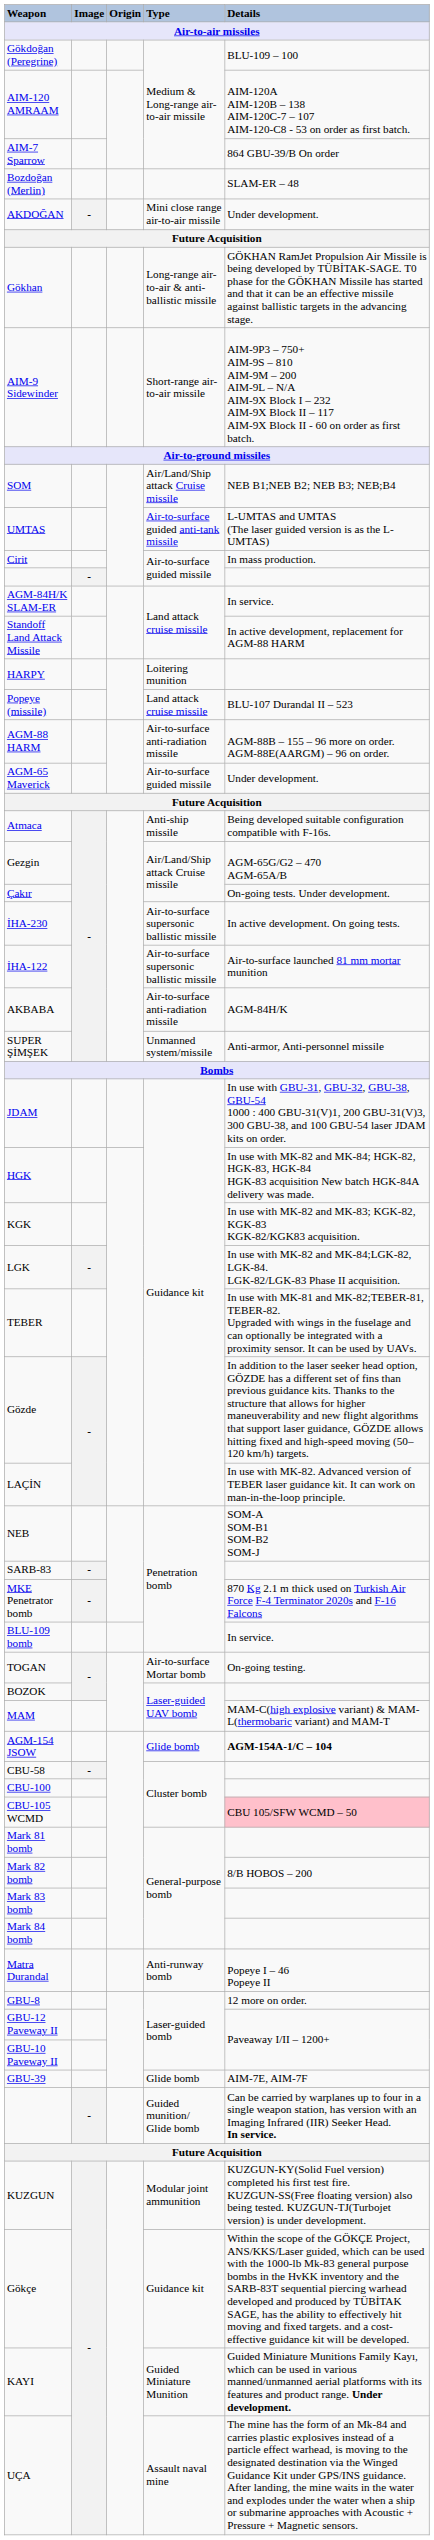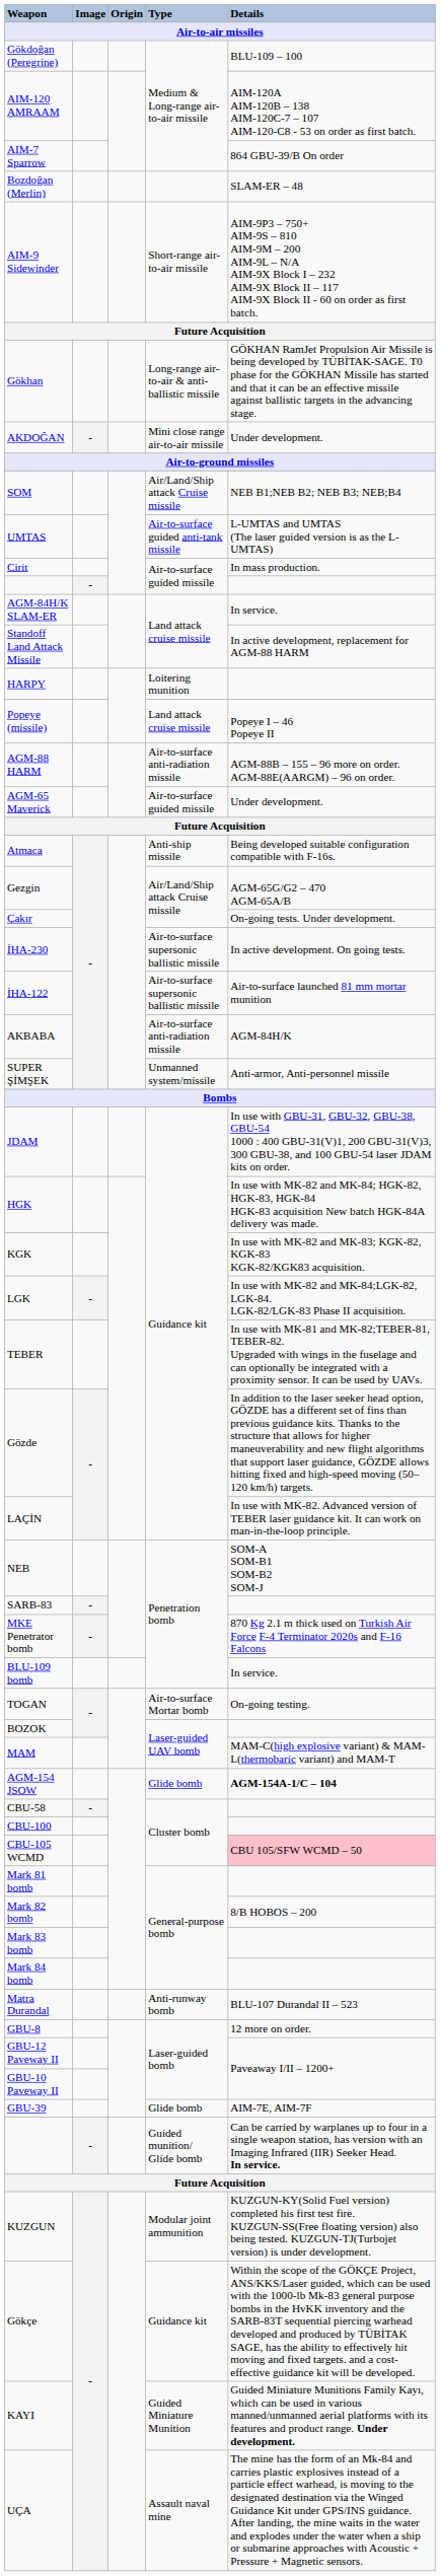 <table class="wikitable"|}>
 <tr>
 <th style="text-align: left; background: lightsteelblue;">Weapon</th>
 <th style="text-align: left; background: lightsteelblue;">Image</th>
 <th style="text-align: left; background: lightsteelblue;">Origin</th>
 <th style="text-align: left; background: lightsteelblue;">Type</th>
 <th style="text-align: left; background: lightsteelblue;">Details</th>
 </tr>
 <tr>
 <th colspan="5" style="align: center; background: lavender;"><strong><a href='#'>Air-to-air missiles</a></strong></th>
 </tr>
 <tr>
 <td><a href='#'>Gökdoğan (Peregrine)</a></td>
 <td></td>
 <td></td>
 <td rowspan="3">Medium & Long-range air-to-air missile</td>
 <td>BLU-109 – 100</td>
 </tr>
 <tr>
 <td><a href='#'>AIM-120 AMRAAM</a></td>
 <td></td>
 <td rowspan="2"></td>
 <td><br>AIM-120A<br>AIM-120B – 138<br>AIM-120C-7 – 107<br>AIM-120-C8 - 53 on order as first batch.</td>
 </tr>
 <tr>
 <td><a href='#'>AIM-7 Sparrow</a></td>
 <td></td>
 <td>864 GBU-39/B On order</td>
 </tr>
 <tr>
 <td><a href='#'>Bozdoğan (Merlin)</a></td>
 <td></td>
 <td></td>
 <td></td>
 <td>SLAM-ER – 48</td>
 </tr>
 <tr>
-<td><a href='#'>AKDOĞAN</a></td>
-<th>-</th>
+<td><a href='#'>AIM-9 Sidewinder</a></td>
 <td></td>
-<td>Mini close range air-to-air missile</td>
-<td>Under development.</td>
+<td></td>
+<td>Short-range air-to-air missile</td>
+<td><br>AIM-9P3 – 750+<br>AIM-9S – 810<br>AIM-9M – 200<br>AIM-9L – N/A<br>AIM-9X Block I – 232<br>AIM-9X Block II – 117<br>AIM-9X Block II - 60 on order as first batch.</td>
 </tr>
 <tr>
 <th colspan="5">Future Acquisition</th>
 </tr>
 <tr>
 <td><a href='#'>Gökhan</a></td>
 <td></td>
 <td></td>
 <td>Long-range air-to-air & anti-ballistic missile</td>
 <td>GÖKHAN RamJet Propulsion Air Missile is being developed by TÜBİTAK-SAGE. T0 phase for the GÖKHAN Missile has started and that it can be an effective missile against ballistic targets in the advancing stage.</td>
 </tr>
 <tr>
-<td><a href='#'>AIM-9 Sidewinder</a></td>
+<td><a href='#'>AKDOĞAN</a></td>
+<th>-</th>
 <td></td>
-<td></td>
-<td>Short-range air-to-air missile</td>
-<td><br>AIM-9P3 – 750+<br>AIM-9S – 810<br>AIM-9M – 200<br>AIM-9L – N/A<br>AIM-9X Block I – 232<br>AIM-9X Block II – 117<br>AIM-9X Block II - 60 on order as first batch.</td>
+<td>Mini close range air-to-air missile</td>
+<td>Under development.</td>
 </tr>
 <tr>
 <th colspan="5" style="align: center; background: lavender;"><strong><a href='#'>Air-to-ground missiles</a></strong></th>
 </tr>
 <tr>
 <td><a href='#'>SOM</a></td>
 <td></td>
 <td rowspan="4"></td>
 <td>Air/Land/Ship attack <a href='#'>Cruise missile</a></td>
 <td>NEB B1;NEB B2; NEB B3; NEB;B4</td>
 </tr>
 <tr>
 <td><a href='#'>UMTAS</a></td>
 <td></td>
 <td><a href='#'>Air-to-surface</a> guided <a href='#'>anti-tank missile</a></td>
 <td>L-UMTAS and UMTAS<br>(The laser guided version is as the L-UMTAS)</td>
 </tr>
 <tr>
 <td><a href='#'>Cirit</a></td>
 <td></td>
 <td rowspan="2">Air-to-surface guided missile</td>
 <td>In mass production.</td>
 </tr>
 <tr>
 <td></td>
 <th>-</th>
 <td></td>
 </tr>
 <tr>
 <td><a href='#'>AGM-84H/K SLAM-ER</a></td>
 <td></td>
 <td rowspan="2"></td>
 <td rowspan="2">Land attack <a href='#'>cruise missile</a></td>
 <td>In service.</td>
 </tr>
 <tr>
 <td><a href='#'>Standoff Land Attack Missile</a></td>
 <td></td>
 <td>In active development, replacement for AGM-88 HARM</td>
 </tr>
 <tr>
 <td><a href='#'>HARPY</a></td>
 <td></td>
 <td rowspan="2"></td>
 <td>Loitering munition</td>
 <td></td>
 </tr>
 <tr>
 <td><a href='#'>Popeye (missile)</a></td>
 <td></td>
 <td>Land attack <a href='#'>cruise missile</a></td>
-<td>BLU-107 Durandal II – 523</td>
+<td><br>Popeye I – 46<br>Popeye II</td>
 </tr>
 <tr>
 <td><a href='#'>AGM-88 HARM</a></td>
 <td></td>
 <td rowspan="2"></td>
 <td>Air-to-surface anti-radiation missile</td>
 <td><br>AGM-88B – 155 – 96 more on order.<br>AGM-88E(AARGM) – 96 on order.</td>
 </tr>
 <tr>
 <td><a href='#'>AGM-65 Maverick</a></td>
 <td></td>
 <td>Air-to-surface guided missile</td>
 <td>Under development.</td>
 </tr>
 <tr>
 <th colspan="5">Future Acquisition</th>
 </tr>
 <tr>
 <td><a href='#'>Atmaca</a></td>
 <th rowspan="7">-</th>
 <td rowspan="7"></td>
 <td>Anti-ship missile</td>
 <td>Being developed suitable configuration compatible with F-16s.</td>
 </tr>
 <tr>
 <td>Gezgin</td>
 <td rowspan="2">Air/Land/Ship attack Cruise missile</td>
 <td><br>AGM-65G/G2 – 470<br>AGM-65A/B</td>
 </tr>
 <tr>
 <td><a href='#'>Çakır</a></td>
 <td>On-going tests. Under development.</td>
 </tr>
 <tr>
 <td><a href='#'>İHA-230</a></td>
 <td>Air-to-surface supersonic ballistic missile</td>
 <td>In active development. On going tests.</td>
 </tr>
 <tr>
 <td><a href='#'>İHA-122</a></td>
 <td>Air-to-surface supersonic ballistic missile</td>
 <td>Air-to-surface launched <a href='#'>81 mm mortar</a> munition</td>
 </tr>
 <tr>
 <td>AKBABA</td>
 <td>Air-to-surface anti-radiation missile</td>
 <td>AGM-84H/K</td>
 </tr>
 <tr>
 <td>SUPER ŞİMŞEK</td>
 <td>Unmanned system/missile</td>
 <td>Anti-armor, Anti-personnel missile</td>
 </tr>
 <tr>
 <th colspan="5" style="align: center; background: lavender;"><strong><a href='#'>Bombs</a></strong></th>
 </tr>
 <tr>
 <td><a href='#'>JDAM</a></td>
 <td></td>
 <td></td>
 <td rowspan="7">Guidance kit</td>
 <td>In use with <a href='#'>GBU-31</a>, <a href='#'>GBU-32</a>, <a href='#'>GBU-38</a>, <a href='#'>GBU-54</a><br>1000 : 400 GBU-31(V)1, 200 GBU-31(V)3, 300 GBU-38, and 100 GBU-54 laser JDAM kits on order.</td>
 </tr>
 <tr>
 <td><a href='#'>HGK</a></td>
 <td></td>
 <td rowspan="6"></td>
 <td>In use with MK-82 and MK-84; HGK-82, HGK-83, HGK-84<br>HGK-83 acquisition New batch HGK-84A delivery was made.</td>
 </tr>
 <tr>
 <td>KGK</td>
 <td></td>
 <td>In use with MK-82 and MK-83; KGK-82, KGK-83<br>KGK-82/KGK83 acquisition.</td>
 </tr>
 <tr>
 <td>LGK</td>
 <th>-</th>
 <td>In use with MK-82 and MK-84;LGK-82, LGK-84.<br>LGK-82/LGK-83 Phase II acquisition.</td>
 </tr>
 <tr>
 <td>TEBER</td>
 <td></td>
 <td>In use with MK-81 and MK-82;TEBER-81, TEBER-82.<br>Upgraded with wings in the fuselage and can optionally be integrated with a proximity sensor. It can be used by UAVs.</td>
 </tr>
 <tr>
 <td>Gözde</td>
 <th rowspan="2">-</th>
 <td>In addition to the laser seeker head option, GÖZDE has a different set of fins than previous guidance kits. Thanks to the structure that allows for higher maneuverability and new flight algorithms that support laser guidance, GÖZDE allows hitting fixed and high-speed moving (50–120 km/h) targets.</td>
 </tr>
 <tr>
 <td>LAÇİN</td>
 <td>In use with MK-82. Advanced version of TEBER laser guidance kit. It can work on man-in-the-loop principle.</td>
 </tr>
 <tr>
 <td>NEB</td>
 <td></td>
 <td rowspan="3"></td>
 <td rowspan="4">Penetration bomb</td>
 <td>SOM-A<br>SOM-B1<br>SOM-B2<br>SOM-J</td>
 </tr>
 <tr>
 <td>SARB-83</td>
 <th>-</th>
 <td></td>
 </tr>
 <tr>
 <td><a href='#'>MKE</a> Penetrator bomb</td>
 <th>-</th>
 <td>870 <a href='#'>Kg</a> 2.1 m thick used on <a href='#'>Turkish Air Force</a> <a href='#'>F-4 Terminator 2020s</a> and <a href='#'>F-16 Falcons</a></td>
 </tr>
 <tr>
 <td><a href='#'>BLU-109 bomb</a></td>
 <td></td>
 <td></td>
 <td>In service.</td>
 </tr>
 <tr>
 <td>TOGAN</td>
 <th rowspan="2">-</th>
 <td rowspan="3"></td>
 <td>Air-to-surface Mortar bomb</td>
 <td>On-going testing.</td>
 </tr>
 <tr>
 <td>BOZOK</td>
 <td rowspan="2"><a href='#'>Laser-guided UAV bomb</a></td>
 <td></td>
 </tr>
 <tr>
 <td><a href='#'>MAM</a></td>
 <td></td>
 <td>MAM-C(<a href='#'>high explosive</a> variant) & MAM-L(<a href='#'>thermobaric</a> variant) and MAM-T</td>
 </tr>
 <tr>
 <td><a href='#'>AGM-154 JSOW</a></td>
 <td></td>
 <td rowspan="8"></td>
 <td><a href='#'>Glide bomb</a></td>
 <td><strong>AGM-154A-1/C – 104</strong></td>
 </tr>
 <tr>
 <td>CBU-58</td>
 <th>-</th>
 <td rowspan="3">Cluster bomb</td>
 <td></td>
 </tr>
 <tr>
 <td><a href='#'>CBU-100</a></td>
 <td></td>
 <td></td>
 </tr>
 <tr>
 <td><a href='#'>CBU-105</a> WCMD</td>
 <td></td>
 <td style="background: pink;">CBU 105/SFW WCMD – 50</td>
 </tr>
 <tr>
 <td><a href='#'>Mark 81 bomb</a></td>
 <td></td>
 <td rowspan="4">General-purpose bomb</td>
 <td></td>
 </tr>
 <tr>
 <td><a href='#'>Mark 82 bomb</a></td>
 <td></td>
 <td>8/B HOBOS – 200</td>
 </tr>
 <tr>
 <td><a href='#'>Mark 83 bomb</a></td>
 <td></td>
 <td></td>
 </tr>
 <tr>
 <td><a href='#'>Mark 84 bomb</a></td>
 <td></td>
 <td></td>
 </tr>
 <tr>
 <td><a href='#'>Matra Durandal</a></td>
 <td></td>
 <td></td>
 <td>Anti-runway bomb</td>
-<td><br>Popeye I – 46<br>Popeye II</td>
+<td>BLU-107 Durandal II – 523</td>
 </tr>
 <tr>
 <td><a href='#'>GBU-8</a></td>
 <td></td>
 <td rowspan="4"></td>
 <td rowspan="3">Laser-guided bomb</td>
 <td>12 more on order.</td>
 </tr>
 <tr>
 <td><a href='#'>GBU-12 Paveway II</a></td>
 <td></td>
 <td rowspan="2">Paveaway I/II – 1200+</td>
 </tr>
 <tr>
 <td><a href='#'>GBU-10 Paveway II</a></td>
 <td></td>
 </tr>
 <tr>
 <td><a href='#'>GBU-39</a></td>
 <td></td>
 <td>Glide bomb</td>
 <td>AIM-7E, AIM-7F</td>
 </tr>
 <tr>
 <td> </td>
 <th>-</th>
 <td></td>
 <td>Guided munition/<br>Glide bomb</td>
 <td>Can be carried by warplanes up to four in a single weapon station, has version with an Imaging Infrared (IIR) Seeker Head.<br><strong>In service.</strong></td>
 </tr>
 <tr>
 <th colspan="5">Future Acquisition</th>
 </tr>
 <tr>
 <td>KUZGUN</td>
 <th rowspan="4">-</th>
 <td rowspan="4"></td>
 <td>Modular joint ammunition</td>
 <td>KUZGUN-KY(Solid Fuel version) completed his first test fire.<br>KUZGUN-SS(Free floating version) also being tested. KUZGUN-TJ(Turbojet version) is under development.</td>
 </tr>
 <tr>
 <td>Gökçe</td>
 <td>Guidance kit</td>
 <td>Within the scope of the GÖKÇE Project, ANS/KKS/Laser guided, which can be used with the 1000-lb Mk-83 general purpose bombs in the HvKK inventory and the SARB-83T sequential piercing warhead developed and produced by TÜBİTAK SAGE, has the ability to effectively hit moving and fixed targets. and a cost-effective guidance kit will be developed.</td>
 </tr>
 <tr>
 <td>KAYI</td>
 <td>Guided Miniature Munition</td>
 <td>Guided Miniature Munitions Family Kayı, which can be used in various manned/unmanned aerial platforms with its features and product range. <strong>Under development.</strong></td>
 </tr>
 <tr>
 <td>UÇA</td>
 <td>Assault naval mine</td>
 <td>The mine has the form of an Mk-84 and carries plastic explosives instead of a particle effect warhead, is moving to the designated destination via the Winged Guidance Kit under GPS/INS guidance. After landing, the mine waits in the water and explodes under the water when a ship or submarine approaches with Acoustic + Pressure + Magnetic sensors.</td>
 </tr>
 </table>
